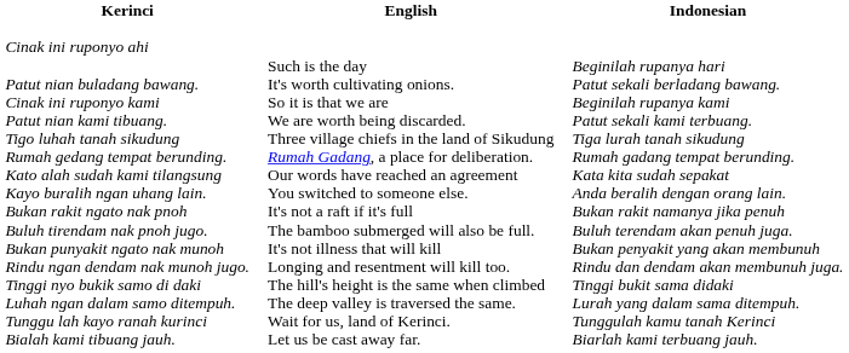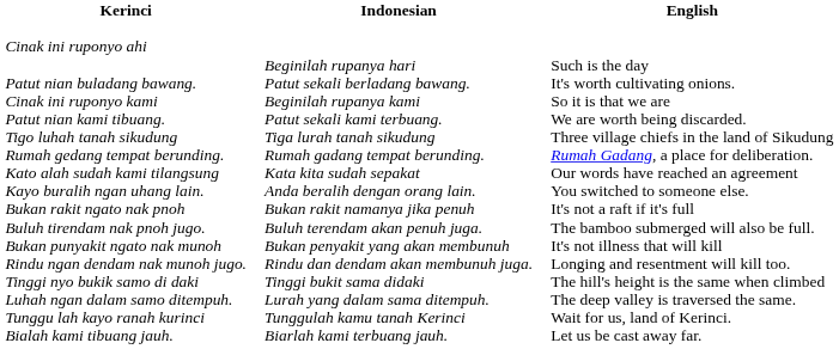 <table cellpadding=8>
 <tr>
 <th>Kerinci</th>
+<th>Indonesian</th>
 <th>English</th>
-<th>Indonesian</th>
 </tr>
 <tr style="vertical-align:top; white-space:nowrap;">
 <td><em>Cinak ini ruponyo ahi</em><br><br><em>Patut nian buladang bawang.</em><br><em>Cinak ini ruponyo kami</em><br> <em>Patut nian kami tibuang.</em><br><em>Tigo luhah tanah sikudung</em><br> <em>Rumah gedang tempat berunding.</em><br><em>Kato alah sudah kami tilangsung</em><br> <em>Kayo buralih ngan uhang lain.</em><br><em>Bukan rakit ngato nak pnoh</em><br> <em>Buluh tirendam nak pnoh jugo.</em><br><em>Bukan punyakit ngato nak munoh</em><br> <em>Rindu ngan dendam nak munoh jugo.</em><br><em>Tinggi nyo bukik samo di daki</em><br> <em>Luhah ngan dalam samo ditempuh.</em><br><em>Tunggu lah kayo ranah kurinci</em><br><em>Bialah kami tibuang jauh.</em><div> </div></td>
+<td><br><em>Beginilah rupanya hari</em><br> <em>Patut sekali berladang bawang.</em><br><em>Beginilah rupanya kami</em><br> <em>Patut sekali kami terbuang.</em><br><em>Tiga lurah tanah sikudung</em><br>  <em>Rumah gadang tempat berunding.</em><br><em>Kata kita sudah sepakat</em><br>  <em>Anda beralih dengan orang lain.</em><br><em>Bukan rakit namanya jika penuh</em><br>   <em>Buluh terendam akan penuh juga.</em><br><em>Bukan penyakit yang akan membunuh</em><br>   <em>Rindu dan dendam akan membunuh juga.</em><br><em>Tinggi bukit sama didaki</em><br>   <em>Lurah yang dalam sama ditempuh.</em><br><em>Tunggulah kamu tanah Kerinci</em><br>   <em>Biarlah kami terbuang jauh.</em></td>
 <td><br>Such is the day<br> It's worth cultivating onions.<br>So it is that we are<br> We are worth being discarded.<br>Three village chiefs in the land of Sikudung<br> <em><a href='#'>Rumah Gadang</a></em>, a place for deliberation.<br>Our words have reached an agreement<br> You switched to someone else.<br>It's not a raft if it's full<br> The bamboo submerged will also be full.<br>It's not illness that will kill<br> Longing and resentment will kill too.<br>The hill's height is the same when climbed<br> The deep valley is traversed the same.<br>Wait for us, land of Kerinci.<br> Let us be cast away far.</td>
-<td><br><em>Beginilah rupanya hari</em><br> <em>Patut sekali berladang bawang.</em><br><em>Beginilah rupanya kami</em><br> <em>Patut sekali kami terbuang.</em><br><em>Tiga lurah tanah sikudung</em><br>  <em>Rumah gadang tempat berunding.</em><br><em>Kata kita sudah sepakat</em><br>  <em>Anda beralih dengan orang lain.</em><br><em>Bukan rakit namanya jika penuh</em><br>   <em>Buluh terendam akan penuh juga.</em><br><em>Bukan penyakit yang akan membunuh</em><br>   <em>Rindu dan dendam akan membunuh juga.</em><br><em>Tinggi bukit sama didaki</em><br>   <em>Lurah yang dalam sama ditempuh.</em><br><em>Tunggulah kamu tanah Kerinci</em><br>   <em>Biarlah kami terbuang jauh.</em></td>
 </tr>
 </table>
